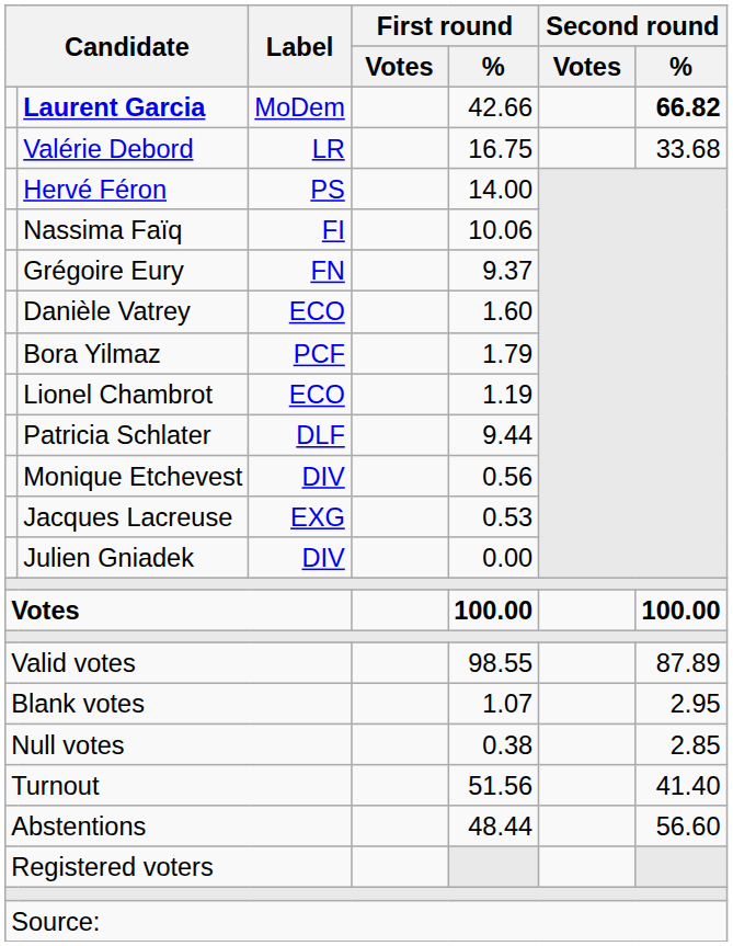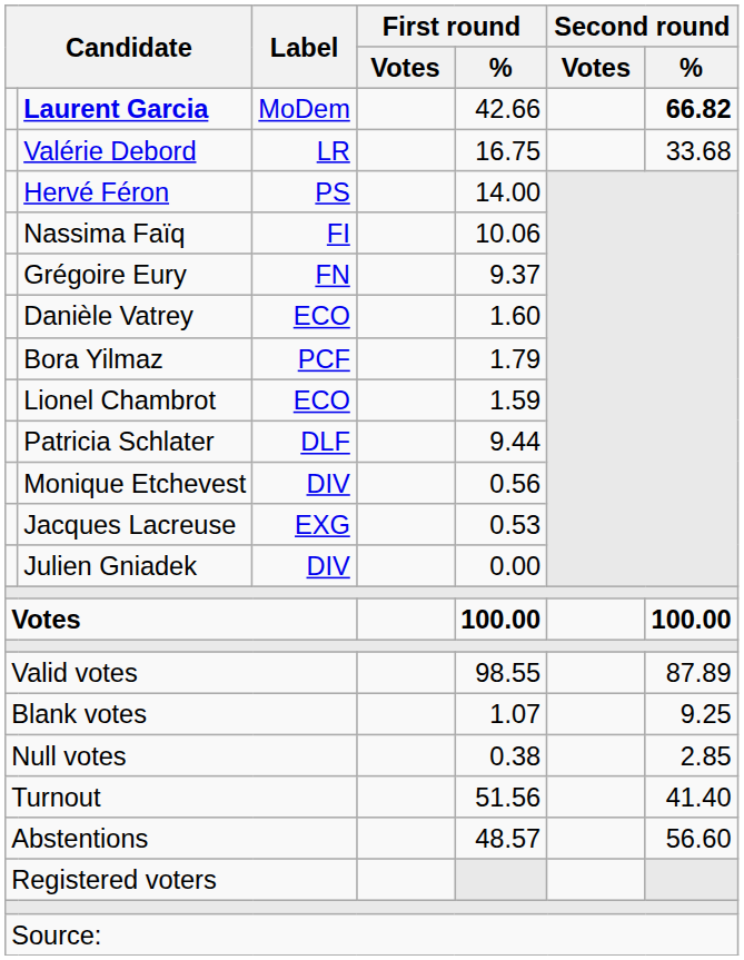 <table class="wikitable" style="text-align:right;font-size:95%;">
 <tr>
 <th rowspan="2" colspan="2">Candidate</th>
 <th rowspan="2">Label</th>
 <th colspan="2">First round</th>
 <th colspan="2">Second round</th>
 </tr>
 <tr>
 <th style="width:50px;">Votes</th>
 <th style="width:45px;">%</th>
 <th style="width:50px;">Votes</th>
 <th style="width:45px;">%</th>
 </tr>
 <tr>
 <td style="color:inherit;background:"></td>
 <td style="text-align:left;"><strong><a href='#'>Laurent Garcia</a></strong></td>
 <td><a href='#'>MoDem</a></td>
 <td></td>
 <td>42.66</td>
 <td><strong></strong></td>
 <td><strong>66.82</strong></td>
 </tr>
 <tr>
 <td style="color:inherit;background:"></td>
 <td style="text-align:left;"><a href='#'>Valérie Debord</a></td>
 <td><a href='#'>LR</a></td>
 <td></td>
 <td>16.75</td>
 <td></td>
 <td>33.68</td>
 </tr>
 <tr>
 <td style="color:inherit;background:"></td>
 <td style="text-align:left;"><a href='#'>Hervé Féron</a></td>
 <td><a href='#'>PS</a></td>
 <td></td>
 <td>14.00</td>
 <td colspan="2" rowspan="10" style="background:#E9E9E9;"></td>
 </tr>
 <tr>
 <td style="color:inherit;background:"></td>
 <td style="text-align:left;">Nassima Faïq</td>
 <td><a href='#'>FI</a></td>
 <td></td>
 <td>10.06</td>
 </tr>
 <tr>
 <td style="color:inherit;background:"></td>
 <td style="text-align:left;">Grégoire Eury</td>
 <td><a href='#'>FN</a></td>
 <td></td>
 <td>9.37</td>
 </tr>
 <tr>
 <td style="color:inherit;background:"></td>
 <td style="text-align:left;">Danièle Vatrey</td>
 <td><a href='#'>ECO</a></td>
 <td></td>
 <td>1.60</td>
 </tr>
 <tr>
 <td style="color:inherit;background:"></td>
 <td style="text-align:left;">Bora Yilmaz</td>
 <td><a href='#'>PCF</a></td>
 <td></td>
 <td>1.79</td>
 </tr>
 <tr>
 <td style="color:inherit;background:"></td>
 <td style="text-align:left;">Lionel Chambrot</td>
 <td><a href='#'>ECO</a></td>
 <td></td>
-<td>1.19</td>
+<td>1.59</td>
 </tr>
 <tr>
 <td style="color:inherit;background:"></td>
 <td style="text-align:left;">Patricia Schlater</td>
 <td><a href='#'>DLF</a></td>
 <td></td>
 <td>9.44</td>
 </tr>
 <tr>
 <td style="color:inherit;background:"></td>
 <td style="text-align:left;">Monique Etchevest</td>
 <td><a href='#'>DIV</a></td>
 <td></td>
 <td>0.56</td>
 </tr>
 <tr>
 <td style="color:inherit;background:"></td>
 <td style="text-align:left;">Jacques Lacreuse</td>
 <td><a href='#'>EXG</a></td>
 <td></td>
 <td>0.53</td>
 </tr>
 <tr>
 <td style="color:inherit;background:"></td>
 <td style="text-align:left;">Julien Gniadek</td>
 <td><a href='#'>DIV</a></td>
 <td></td>
 <td>0.00</td>
 </tr>
 <tr>
 <td colspan="7" style="background:#E9E9E9;"></td>
 </tr>
 <tr style="font-weight:bold;">
 <td colspan="3" style="text-align:left;">Votes</td>
 <td></td>
 <td>100.00</td>
 <td></td>
 <td>100.00</td>
 </tr>
 <tr>
 <td colspan="7" style="background:#E9E9E9;"></td>
 </tr>
 <tr>
 <td colspan="3" style="text-align:left;">Valid votes</td>
 <td></td>
 <td>98.55</td>
 <td></td>
 <td>87.89</td>
 </tr>
 <tr>
 <td colspan="3" style="text-align:left;">Blank votes</td>
 <td></td>
 <td>1.07</td>
 <td></td>
-<td>2.95</td>
+<td>9.25</td>
 </tr>
 <tr>
 <td colspan="3" style="text-align:left;">Null votes</td>
 <td></td>
 <td>0.38</td>
 <td></td>
 <td>2.85</td>
 </tr>
 <tr>
 <td colspan="3" style="text-align:left;">Turnout</td>
 <td></td>
 <td>51.56</td>
 <td></td>
 <td>41.40</td>
 </tr>
 <tr>
 <td colspan="3" style="text-align:left;">Abstentions</td>
 <td></td>
-<td>48.44</td>
+<td>48.57</td>
 <td></td>
 <td>56.60</td>
 </tr>
 <tr>
 <td colspan="3" style="text-align:left;">Registered voters</td>
 <td></td>
 <td style="background:#E9E9E9;"></td>
 <td></td>
 <td style="background:#E9E9E9;"></td>
 </tr>
 <tr>
 <td colspan="7" style="background:#E9E9E9;"></td>
 </tr>
 <tr>
 <td colspan="7" style="text-align:left;">Source: </td>
 </tr>
 </table>
